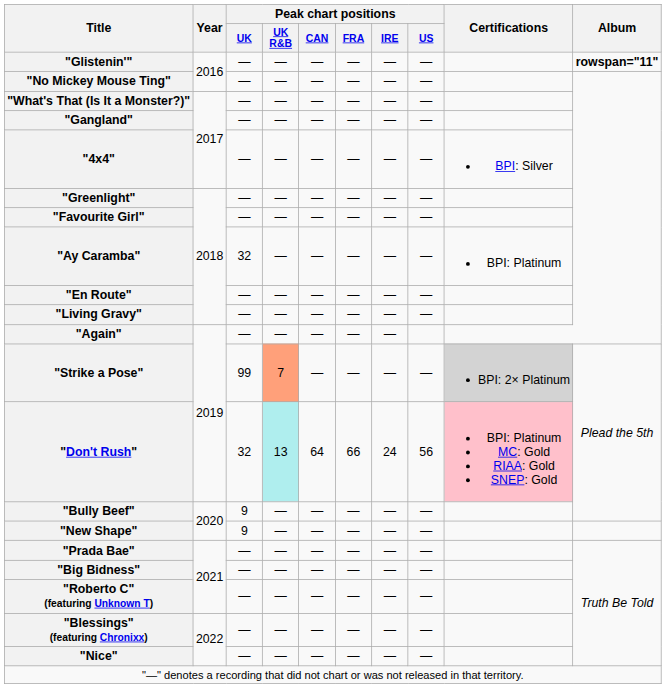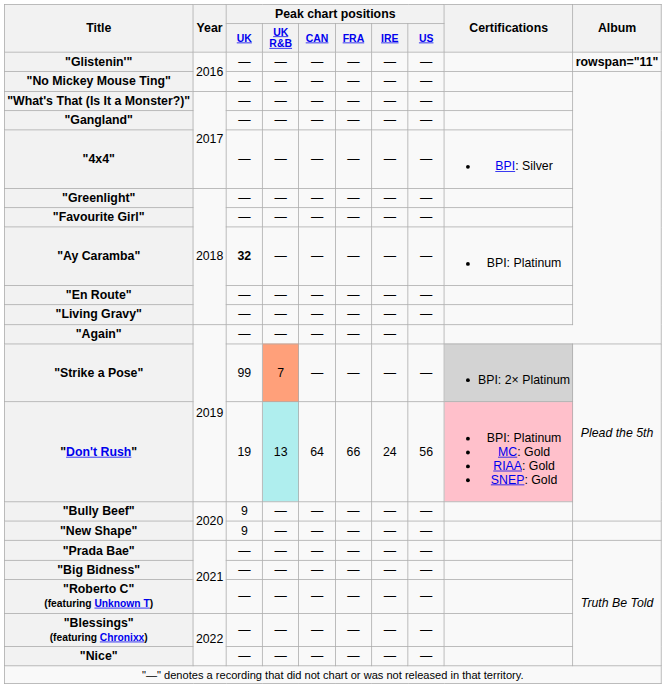 <table class="wikitable plainrowheaders" style="text-align:center;">
 <tr>
 <th scope="col" rowspan="2">Title</th>
 <th scope="col" rowspan="2">Year</th>
 <th scope="col" colspan="6">Peak chart positions</th>
 <th scope="col" rowspan="2">Certifications</th>
 <th scope="col" rowspan="2">Album</th>
 </tr>
 <tr>
 <th scope="col" style="width:3em;font-size:85%;"><a href='#'>UK</a><br></th>
 <th scope="col" style="width:3em;font-size:85%;"><a href='#'>UK<br>R&B</a><br></th>
 <th scope="col" style="width:3em;font-size:85%;"><a href='#'>CAN</a><br></th>
 <th scope="col" style="width:3em;font-size:85%;"><a href='#'>FRA</a><br></th>
 <th scope="col" style="width:3em;font-size:85%;"><a href='#'>IRE</a><br></th>
 <th scope="col" style="width:3em;font-size:85%;"><a href='#'>US</a><br></th>
 </tr>
 <tr>
 <th scope="row">"Glistenin'"</th>
 <td rowspan="2">2016</td>
 <td>—</td>
 <td>—</td>
 <td>—</td>
 <td>—</td>
 <td>—</td>
 <td>—</td>
 <td></td>
 <td><strong>rowspan="11" </strong></td>
 </tr>
 <tr>
 <th scope="row">"No Mickey Mouse Ting"</th>
 <td>—</td>
 <td>—</td>
 <td>—</td>
 <td>—</td>
 <td>—</td>
 <td>—</td>
 <td></td>
 </tr>
 <tr>
 <th scope="row">"What's That (Is It a Monster?)"</th>
 <td rowspan="3">2017</td>
 <td>—</td>
 <td>—</td>
 <td>—</td>
 <td>—</td>
 <td>—</td>
 <td>—</td>
 <td></td>
 </tr>
 <tr>
 <th scope="row">"Gangland"<br></th>
 <td>—</td>
 <td>—</td>
 <td>—</td>
 <td>—</td>
 <td>—</td>
 <td>—</td>
 <td></td>
 </tr>
 <tr>
 <th scope="row">"4x4"</th>
 <td>—</td>
 <td>—</td>
 <td>—</td>
 <td>—</td>
 <td>—</td>
 <td>—</td>
 <td><br><ul><li><a href='#'>BPI</a>: Silver</li></ul></td>
 </tr>
 <tr>
 <th scope="row">"Greenlight"</th>
 <td rowspan="5">2018</td>
 <td>—</td>
 <td>—</td>
 <td>—</td>
 <td>—</td>
 <td>—</td>
 <td>—</td>
 <td></td>
 </tr>
 <tr>
 <th scope="row">"Favourite Girl"<br></th>
 <td>—</td>
 <td>—</td>
 <td>—</td>
 <td>—</td>
 <td>—</td>
 <td>—</td>
 <td></td>
 </tr>
 <tr>
 <th scope="row">"Ay Caramba"<br></th>
-<td>32</td>
+<td><strong>32</strong></td>
 <td>—</td>
 <td>—</td>
 <td>—</td>
 <td>—</td>
 <td>—</td>
 <td><br><ul><li>BPI: Platinum</li></ul></td>
 </tr>
 <tr>
 <th scope="row">"En Route"</th>
 <td>—</td>
 <td>—</td>
 <td>—</td>
 <td>—</td>
 <td>—</td>
 <td>—</td>
 <td></td>
 </tr>
 <tr>
 <th scope="row">"Living Gravy"<br></th>
 <td>—</td>
 <td>—</td>
 <td>—</td>
 <td>—</td>
 <td>—</td>
 <td>—</td>
 <td></td>
 </tr>
 <tr>
 <th scope="row">"Again"</th>
 <td rowspan="3">2019</td>
 <td>—</td>
 <td>—</td>
 <td>—</td>
 <td>—</td>
 <td>—</td>
 <td></td>
 </tr>
 <tr>
 <th scope="row">"Strike a Pose"<br></th>
 <td>99</td>
 <td style="background: lightsalmon;">7</td>
 <td>—</td>
 <td>—</td>
 <td>—</td>
 <td>—</td>
 <td style="background: lightgrey;"><br><ul><li>BPI: 2× Platinum</li></ul></td>
 <td rowspan="3"><em>Plead the 5th</em></td>
 </tr>
 <tr>
 <th scope="row">"<a href='#'>Don't Rush</a>"<br></th>
-<td>32</td>
+<td>19</td>
 <td style="background: paleturquoise;">13</td>
 <td>64</td>
 <td>66</td>
 <td>24</td>
 <td>56</td>
 <td style="background: pink;"><br><ul><li>BPI: Platinum</li><li><a href='#'>MC</a>: Gold</li><li><a href='#'>RIAA</a>: Gold</li><li><a href='#'>SNEP</a>: Gold</li></ul></td>
 </tr>
 <tr>
 <th scope="row">"Bully Beef"<br></th>
 <td rowspan="2">2020</td>
 <td>9</td>
 <td>—</td>
 <td>—</td>
 <td>—</td>
 <td>—</td>
 <td>—</td>
 <td></td>
 </tr>
 <tr>
 <th scope="row">"New Shape"</th>
 <td>9</td>
 <td>—</td>
 <td>—</td>
 <td>—</td>
 <td>—</td>
 <td>—</td>
 <td></td>
 <td></td>
 </tr>
 <tr>
 <th scope="row">"Prada Bae"<br></th>
 <td rowspan="3">2021</td>
 <td>—</td>
 <td>—</td>
 <td>—</td>
 <td>—</td>
 <td>—</td>
 <td>—</td>
 <td></td>
 <td rowspan="5"><em>Truth Be Told</em></td>
 </tr>
 <tr>
 <th scope="row">"Big Bidness"</th>
 <td>—</td>
 <td>—</td>
 <td>—</td>
 <td>—</td>
 <td>—</td>
 <td>—</td>
 <td></td>
 </tr>
 <tr>
 <th scope="row">"Roberto C"<br><small>(featuring <a href='#'>Unknown T</a>)</small></th>
 <td>—</td>
 <td>—</td>
 <td>—</td>
 <td>—</td>
 <td>—</td>
 <td>—</td>
 <td></td>
 </tr>
 <tr>
 <th scope="row">"Blessings"<br><small>(featuring <a href='#'>Chronixx</a>)</small></th>
 <td rowspan="2">2022</td>
 <td>—</td>
 <td>—</td>
 <td>—</td>
 <td>—</td>
 <td>—</td>
 <td>—</td>
 <td></td>
 </tr>
 <tr>
 <th scope="row">"Nice"<br></th>
 <td>—</td>
 <td>—</td>
 <td>—</td>
 <td>—</td>
 <td>—</td>
 <td>—</td>
 <td></td>
 </tr>
 <tr>
 <td colspan="10" style="font-size:90%">"—" denotes a recording that did not chart or was not released in that territory.</td>
 </tr>
 </table>
